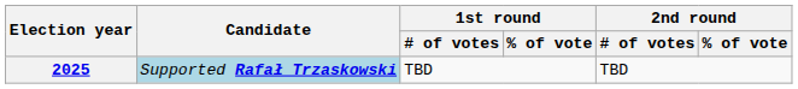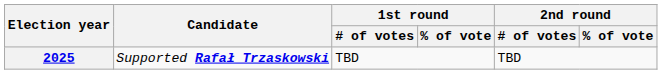 <table class=wikitable>
 <tr>
 <th rowspan=2>Election year</th>
 <th rowspan=2>Candidate</th>
 <th colspan=2>1st round</th>
 <th colspan=2>2nd round</th>
 </tr>
 <tr>
 <th># of votes</th>
 <th>% of vote</th>
 <th># of votes</th>
 <th>% of vote</th>
 </tr>
 <tr>
 <th><a href='#'>2025</a></th>
-<td style="background: lightblue;"><em>Supported <strong><a href='#'>Rafał Trzaskowski</a><strong><em></td>
+<td><em>Supported <strong><a href='#'>Rafał Trzaskowski</a><strong><em></td>
 <td colspan="2">TBD</td>
 <td colspan="2">TBD</td>
 </tr>
 </table>
